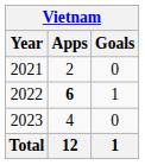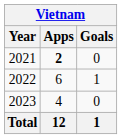 <table class="wikitable" style="text-align:center">
 <tr>
 <th colspan=3><a href='#'>Vietnam</a></th>
 </tr>
 <tr>
 <th>Year</th>
 <th>Apps</th>
 <th>Goals</th>
 </tr>
 <tr>
 <td>2021</td>
-<td>2</td>
+<td><strong>2</strong></td>
 <td>0</td>
 </tr>
 <tr>
 <td>2022</td>
-<td><strong>6</strong></td>
+<td>6</td>
 <td>1</td>
 </tr>
 <tr>
 <td>2023</td>
 <td>4</td>
 <td>0</td>
 </tr>
 <tr>
 <th colspan=1>Total</th>
 <th>12</th>
 <th>1</th>
 </tr>
 </table>
